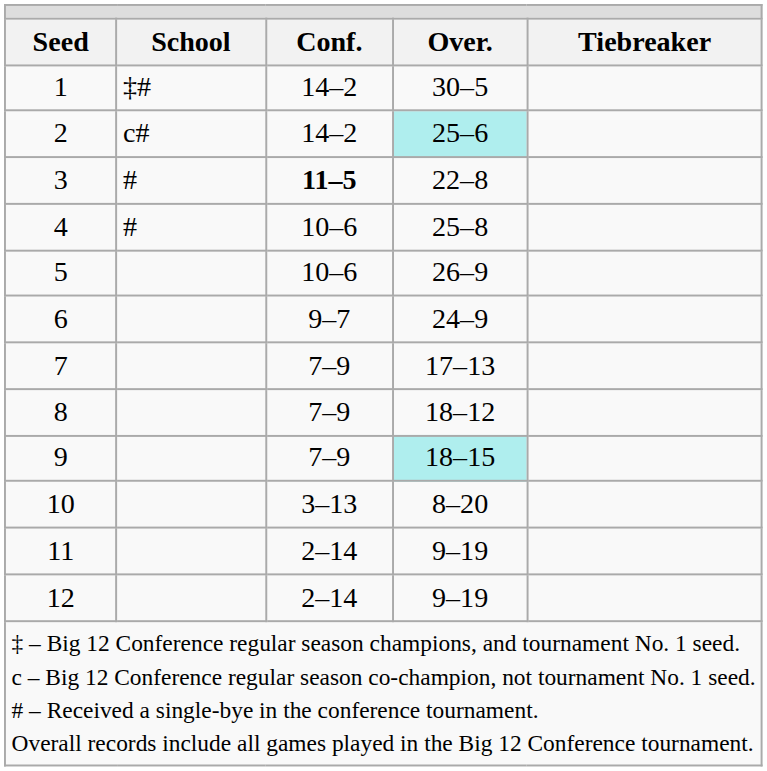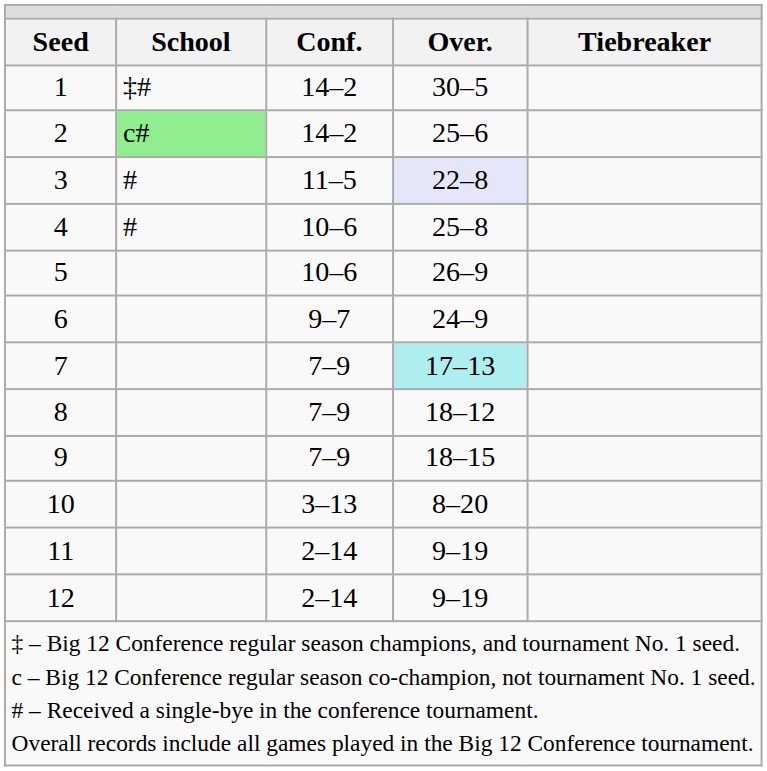 <table class="wikitable" style="white-space:nowrap; font-size:90%;text-align:center">
 <tr>
 <td colspan="10" style="text-align:center; background:#DDDDDD; font:#000000"><strong></strong></td>
 </tr>
 <tr bgcolor="#efefef">
 <th>Seed</th>
 <th>School</th>
 <th>Conf.</th>
 <th>Over.</th>
 <th>Tiebreaker</th>
 </tr>
 <tr>
 <td>1</td>
 <td align=left> ‡#</td>
 <td>14–2</td>
 <td>30–5</td>
 <td></td>
 </tr>
 <tr>
 <td>2</td>
-<td align=left> c#</td>
+<td align=left style="background: lightgreen;"> c#</td>
 <td>14–2</td>
-<td style="background: paleturquoise;">25–6</td>
+<td>25–6</td>
 <td></td>
 </tr>
 <tr>
 <td>3</td>
 <td align=left> #</td>
-<td><strong>11–5</strong></td>
-<td>22–8</td>
+<td>11–5</td>
+<td style="background: lavender;">22–8</td>
 <td></td>
 </tr>
 <tr>
 <td>4</td>
 <td align=left> #</td>
 <td>10–6</td>
 <td>25–8</td>
 <td></td>
 </tr>
 <tr>
 <td>5</td>
 <td align=left></td>
 <td>10–6</td>
 <td>26–9</td>
 <td></td>
 </tr>
 <tr>
 <td>6</td>
 <td align=left></td>
 <td>9–7</td>
 <td>24–9</td>
 <td></td>
 </tr>
 <tr>
 <td>7</td>
 <td align=left></td>
 <td>7–9</td>
-<td>17–13</td>
+<td style="background: paleturquoise;">17–13</td>
 <td></td>
 </tr>
 <tr>
 <td>8</td>
 <td align=left></td>
 <td>7–9</td>
 <td>18–12</td>
 <td></td>
 </tr>
 <tr>
 <td>9</td>
 <td align=left></td>
 <td>7–9</td>
-<td style="background: paleturquoise;">18–15</td>
+<td>18–15</td>
 <td></td>
 </tr>
 <tr>
 <td>10</td>
 <td align=left></td>
 <td>3–13</td>
 <td>8–20</td>
 <td></td>
 </tr>
 <tr>
 <td>11</td>
 <td align=left></td>
 <td>2–14</td>
 <td>9–19</td>
 <td></td>
 </tr>
 <tr>
 <td>12</td>
 <td align=left></td>
 <td>2–14</td>
 <td>9–19</td>
 <td></td>
 </tr>
 <tr>
 <td colspan="10" style="text-align:left;"><small>‡ – Big 12 Conference regular season champions, and tournament No. 1 seed.<br>c – Big 12 Conference regular season co-champion, not tournament No. 1 seed.<br># – Received a single-bye in the conference tournament.<br>Overall records include all games played in the Big 12 Conference tournament.</small></td>
 </tr>
 </table>
